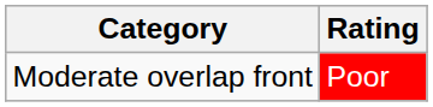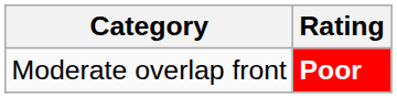 <table class="wikitable">
 <tr>
 <th>Category</th>
 <th>Rating</th>
 </tr>
 <tr>
 <td>Moderate overlap front</td>
-<td style="color:white;background: red">Poor</td>
+<td style="color:white;background: red"><strong>Poor</strong></td>
 </tr>
 </table>
